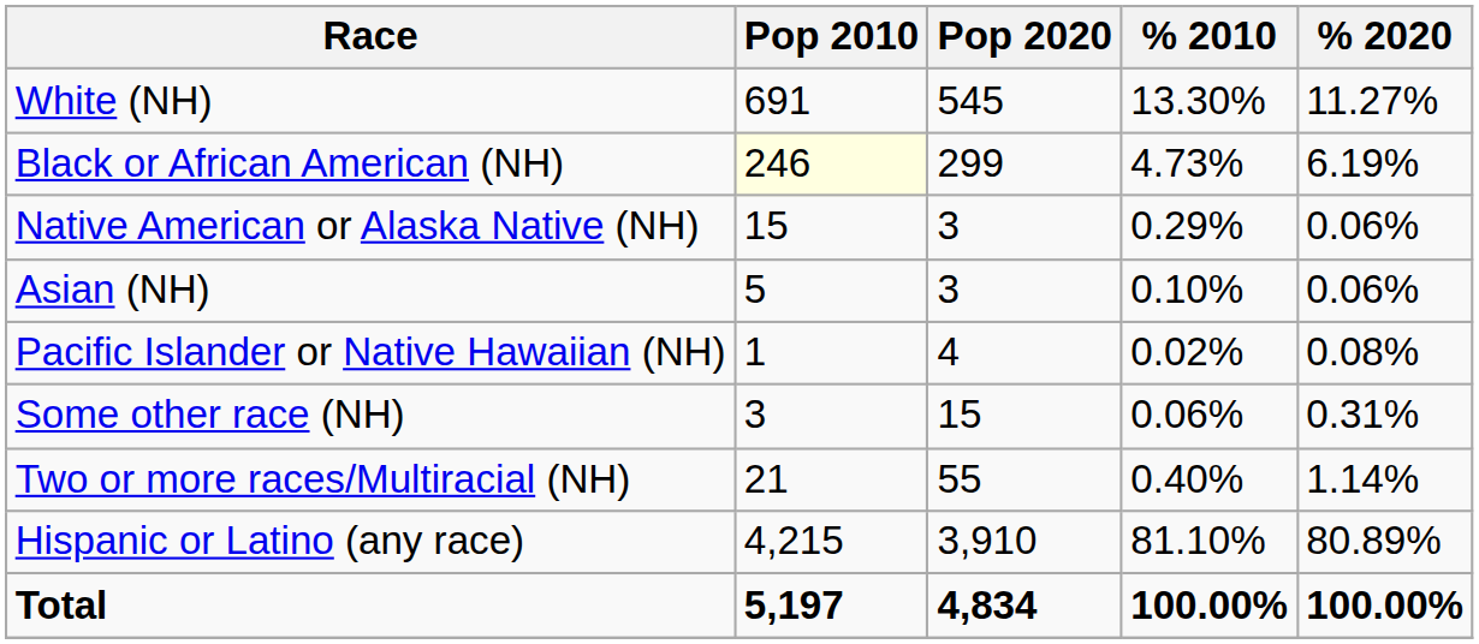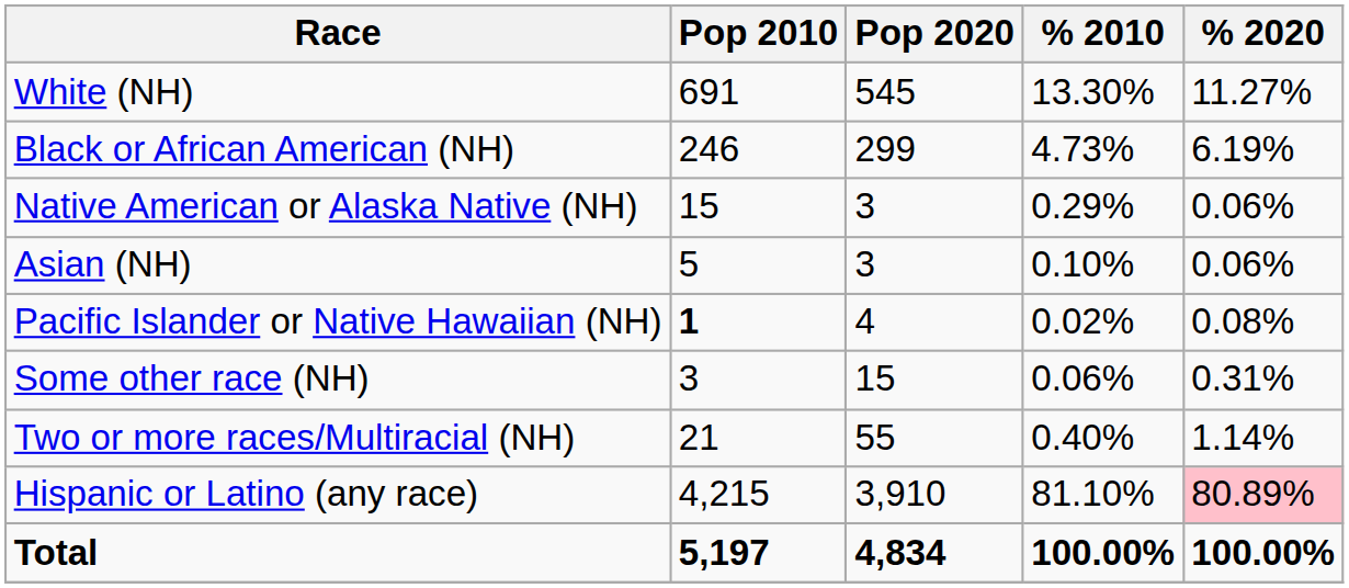 <table class="wikitable">
 <tr>
 <th>Race</th>
 <th>Pop 2010</th>
 <th>Pop 2020</th>
 <th>% 2010</th>
 <th>% 2020</th>
 </tr>
 <tr>
 <td><a href='#'>White</a> (NH)</td>
 <td>691</td>
 <td>545</td>
 <td>13.30%</td>
 <td>11.27%</td>
 </tr>
 <tr>
 <td><a href='#'>Black or African American</a> (NH)</td>
-<td style="background: lightyellow;">246</td>
+<td>246</td>
 <td>299</td>
 <td>4.73%</td>
 <td>6.19%</td>
 </tr>
 <tr>
 <td><a href='#'>Native American</a> or <a href='#'>Alaska Native</a> (NH)</td>
 <td>15</td>
 <td>3</td>
 <td>0.29%</td>
 <td>0.06%</td>
 </tr>
 <tr>
 <td><a href='#'>Asian</a> (NH)</td>
 <td>5</td>
 <td>3</td>
 <td>0.10%</td>
 <td>0.06%</td>
 </tr>
 <tr>
 <td><a href='#'>Pacific Islander</a> or <a href='#'>Native Hawaiian</a> (NH)</td>
-<td>1</td>
+<td><strong>1</strong></td>
 <td>4</td>
 <td>0.02%</td>
 <td>0.08%</td>
 </tr>
 <tr>
 <td><a href='#'>Some other race</a> (NH)</td>
 <td>3</td>
 <td>15</td>
 <td>0.06%</td>
 <td>0.31%</td>
 </tr>
 <tr>
 <td><a href='#'>Two or more races/Multiracial</a> (NH)</td>
 <td>21</td>
 <td>55</td>
 <td>0.40%</td>
 <td>1.14%</td>
 </tr>
 <tr>
 <td><a href='#'>Hispanic or Latino</a> (any race)</td>
 <td>4,215</td>
 <td>3,910</td>
 <td>81.10%</td>
-<td>80.89%</td>
+<td style="background: pink;">80.89%</td>
 </tr>
 <tr>
 <td><strong>Total</strong></td>
 <td><strong>5,197</strong></td>
 <td><strong>4,834</strong></td>
 <td><strong>100.00%</strong></td>
 <td><strong>100.00%</strong></td>
 </tr>
 <tr>
 </tr>
 </table>
